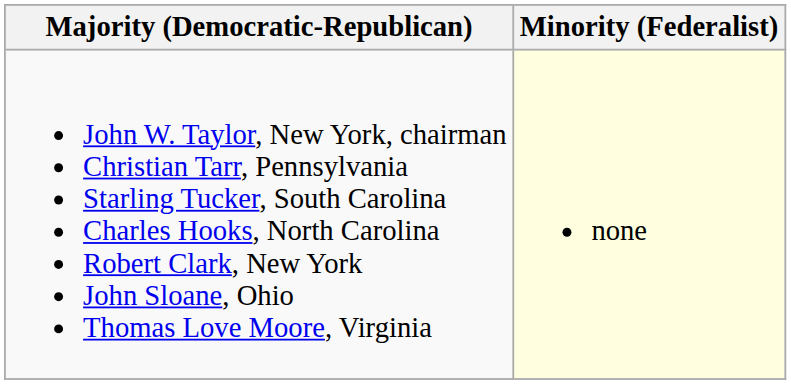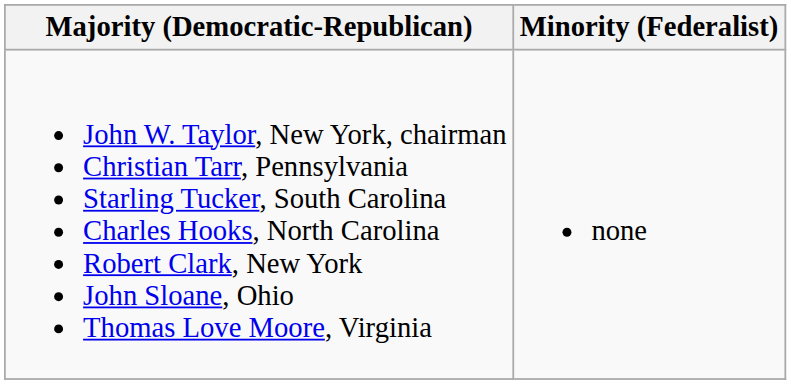 <table class=wikitable>
 <tr>
 <th>Majority (Democratic-Republican)</th>
 <th>Minority (Federalist)</th>
 </tr>
 <tr>
 <td><br><ul><li><a href='#'>John W. Taylor</a>, New York, chairman</li><li><a href='#'>Christian Tarr</a>, Pennsylvania</li><li><a href='#'>Starling Tucker</a>, South Carolina</li><li><a href='#'>Charles Hooks</a>, North Carolina</li><li><a href='#'>Robert Clark</a>, New York</li><li><a href='#'>John Sloane</a>, Ohio</li><li><a href='#'>Thomas Love Moore</a>, Virginia</li></ul></td>
-<td style="background: lightyellow;"><br><ul><li>none</li></ul></td>
+<td><br><ul><li>none</li></ul></td>
 </tr>
 </table>
